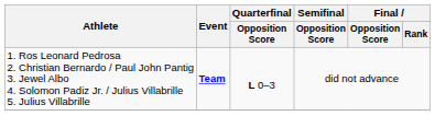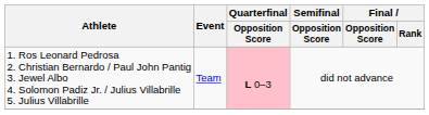 <table class="wikitable" style="font-size:90%">
 <tr>
 <th rowspan="2">Athlete</th>
 <th rowspan="2">Event</th>
 <th>Quarterfinal</th>
 <th>Semifinal</th>
 <th colspan=2>Final / </th>
 </tr>
 <tr style="font-size:90%", align="center">
 <th>Opposition<br>Score</th>
 <th>Opposition<br>Score</th>
 <th>Opposition<br>Score</th>
 <th>Rank</th>
 </tr>
 <tr align="center">
 <td align="left">1. Ros Leonard Pedrosa <br> 2. Christian Bernardo / Paul John Pantig <br> 3. Jewel Albo <br> 4. Solomon Padiz Jr. / Julius Villabrille <br> 5. Julius Villabrille</td>
-<td align="left"><strong><a href='#'>Team</a></strong></td>
-<td><br><strong>L</strong> 0–3</td>
+<td align="left"><a href='#'>Team</a></td>
+<td style="background: pink;"><br><strong>L</strong> 0–3</td>
 <td colspan="3">did not advance</td>
 </tr>
 <tr>
 </tr>
 </table>
